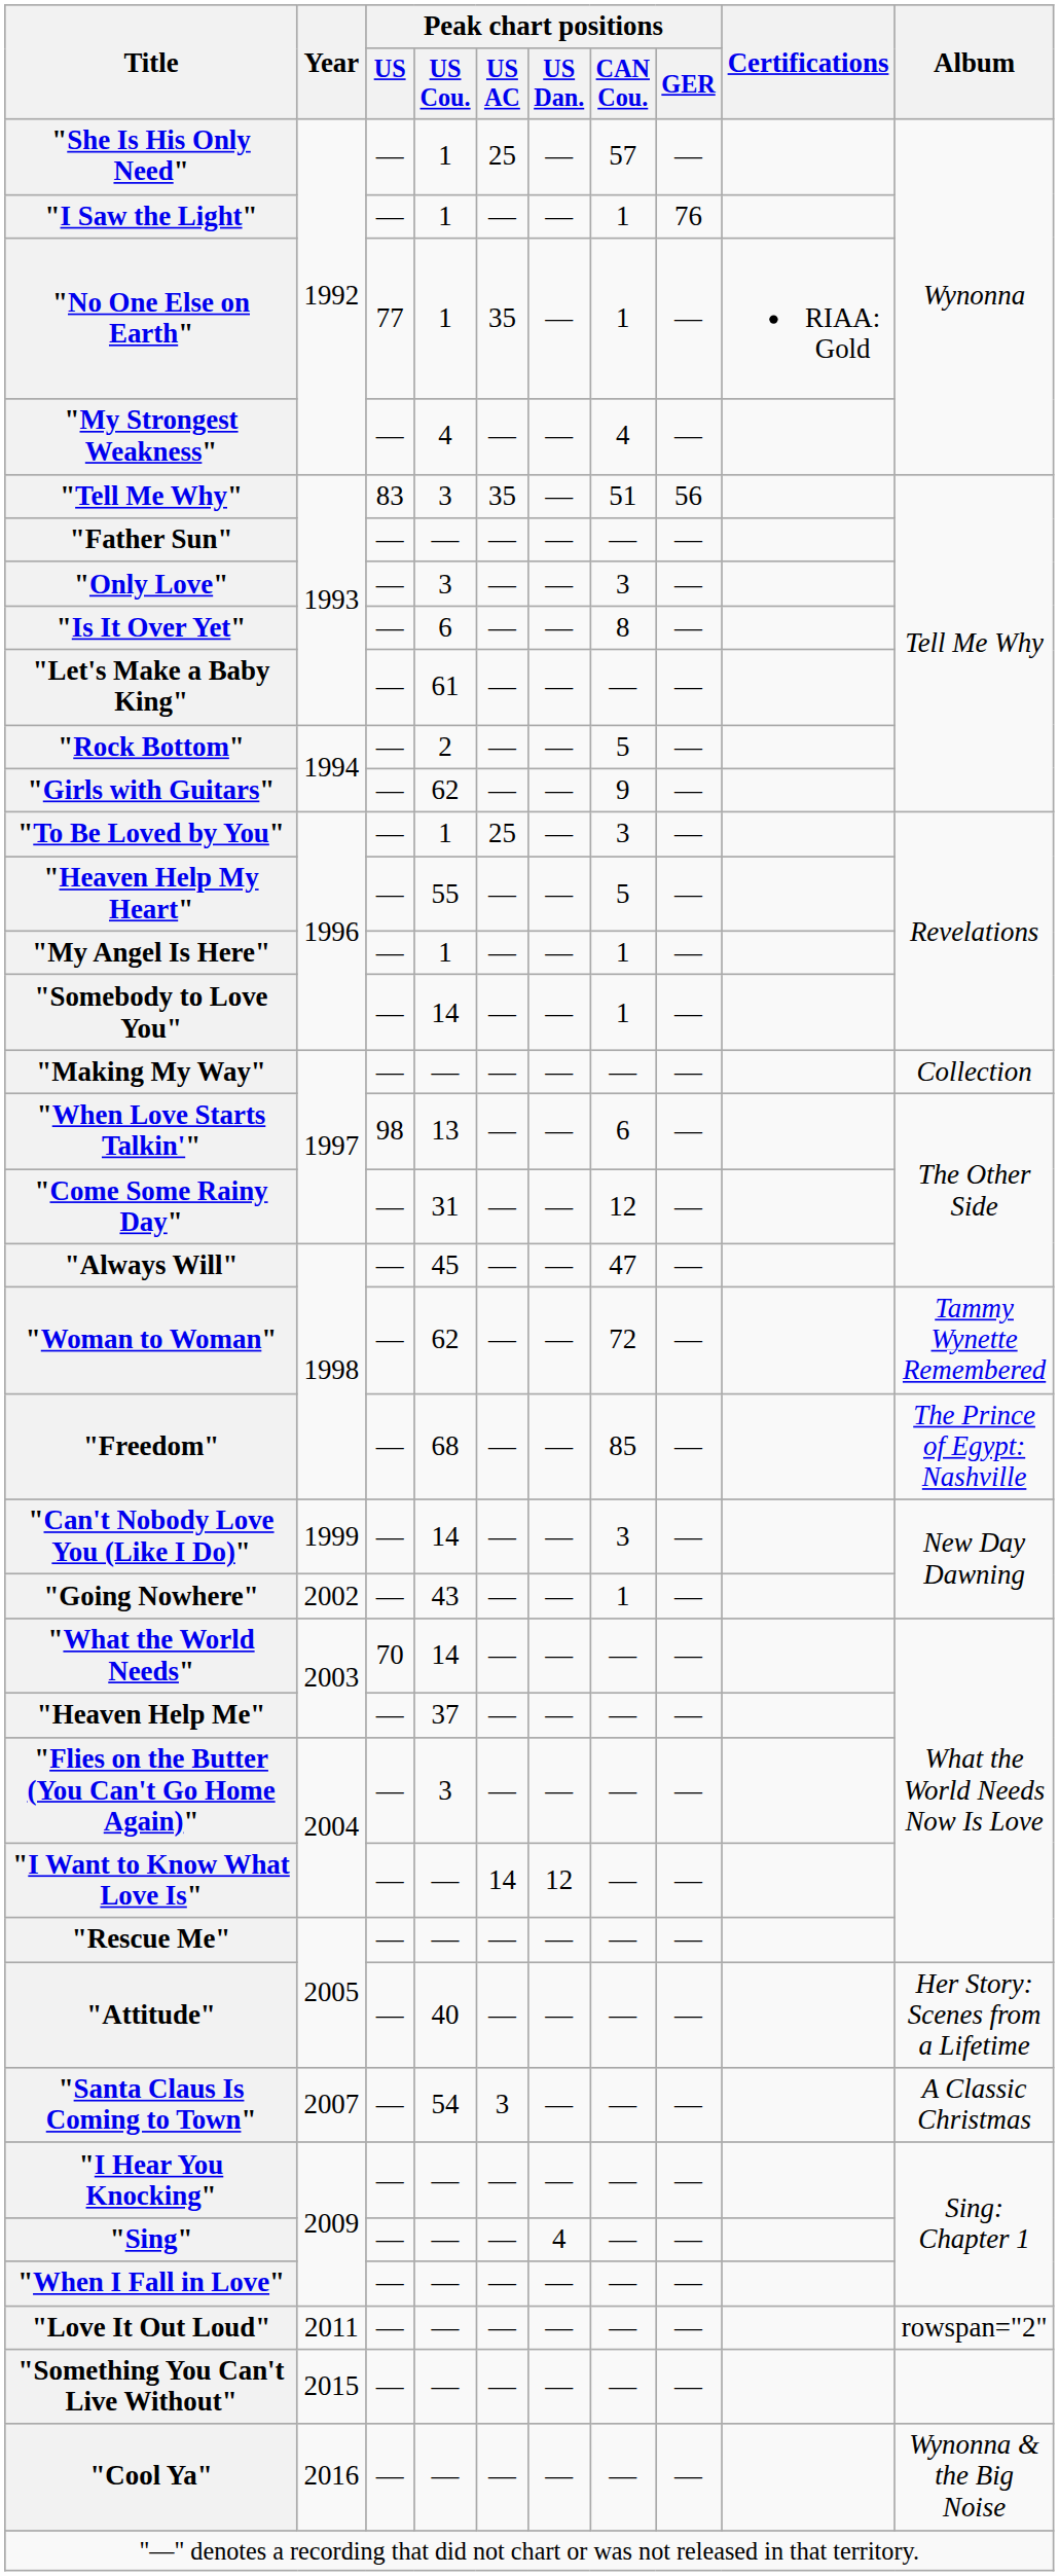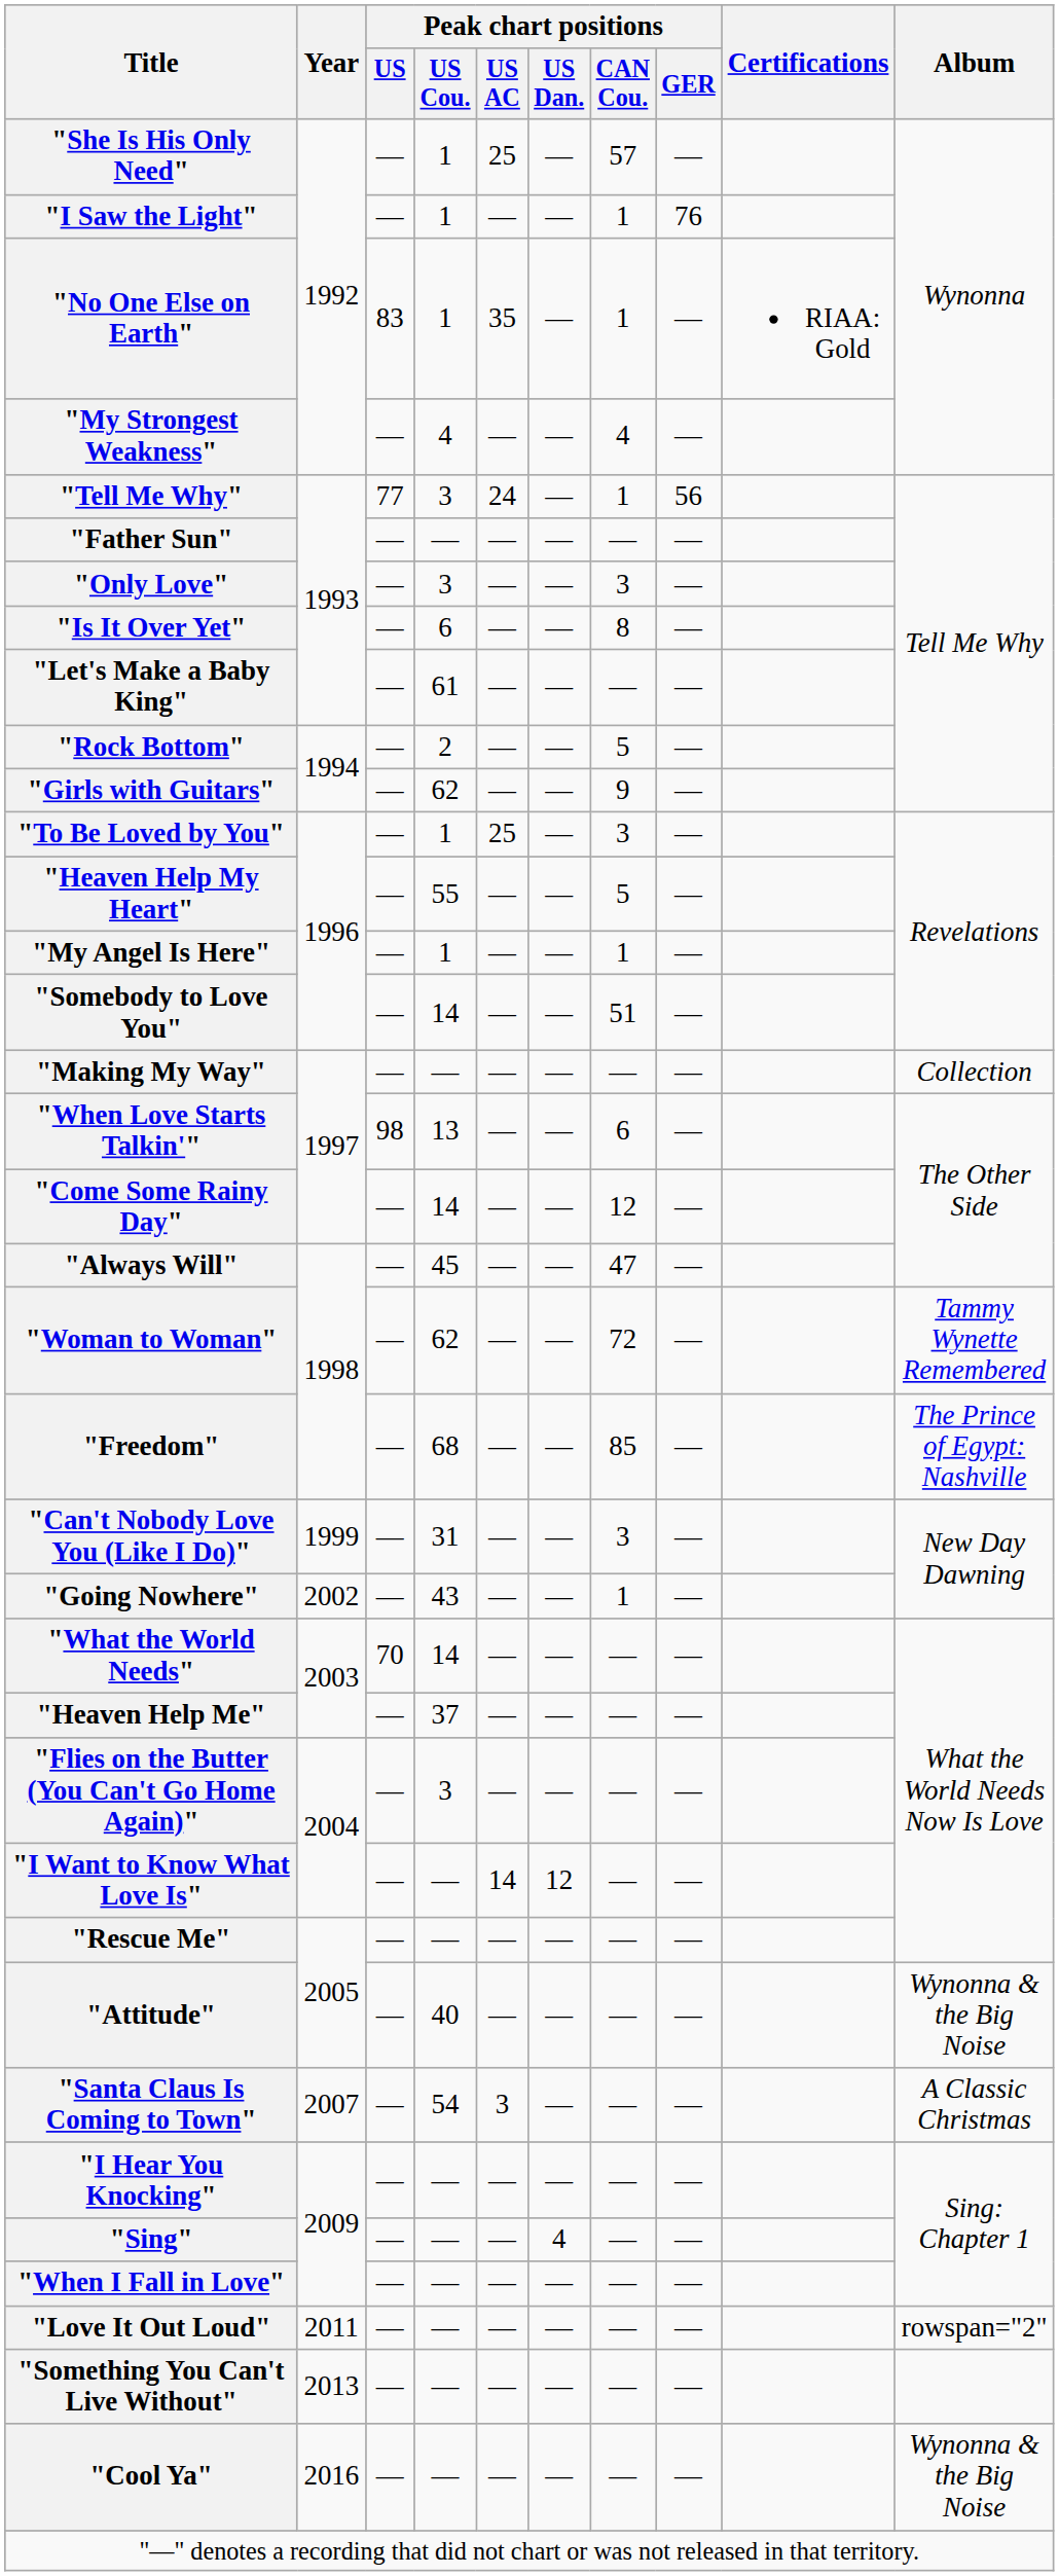 <table class="wikitable plainrowheaders" style="text-align:center;">
 <tr>
 <th scope="col" rowspan="2" style="width:22em;">Title</th>
 <th scope="col" rowspan="2">Year</th>
 <th scope="col" colspan="6">Peak chart positions</th>
 <th rowspan="2"><a href='#'>Certifications</a></th>
 <th rowspan="2" scope="col">Album</th>
 </tr>
 <tr>
 <th scope="col" style="width:2em;font-size:90%;"><a href='#'>US</a><br><br></th>
 <th scope="col" style="width:2em;font-size:90%;"><a href='#'>US<br>Cou.</a><br></th>
 <th scope="col" style="width:2em;font-size:90%;"><a href='#'>US<br>AC</a><br></th>
 <th scope="col" style="width:2em;font-size:90%;"><a href='#'>US<br>Dan.</a><br></th>
 <th scope="col" style="width:2em;font-size:90%;"><a href='#'>CAN<br>Cou.</a><br></th>
 <th scope="col" style="width:2em;font-size:90%;"><a href='#'>GER</a><br></th>
 </tr>
 <tr>
 <th scope="row">"<a href='#'>She Is His Only Need</a>"</th>
 <td rowspan="4">1992</td>
 <td>—</td>
 <td>1</td>
 <td>25</td>
 <td>—</td>
 <td>57</td>
 <td>—</td>
 <td></td>
 <td rowspan="4"><em>Wynonna</em></td>
 </tr>
 <tr>
 <th scope="row">"<a href='#'>I Saw the Light</a>"</th>
 <td>—</td>
 <td>1</td>
 <td>—</td>
 <td>—</td>
 <td>1</td>
 <td>76</td>
 <td></td>
 </tr>
 <tr>
 <th scope="row">"<a href='#'>No One Else on Earth</a>"</th>
-<td>77</td>
+<td>83</td>
 <td>1</td>
 <td>35</td>
 <td>—</td>
 <td>1</td>
 <td>—</td>
 <td><br><ul><li>RIAA: Gold</li></ul></td>
 </tr>
 <tr>
 <th scope="row">"<a href='#'>My Strongest Weakness</a>"</th>
 <td>—</td>
 <td>4</td>
 <td>—</td>
 <td>—</td>
 <td>4</td>
 <td>—</td>
 <td></td>
 </tr>
 <tr>
 <th scope="row">"<a href='#'>Tell Me Why</a>"</th>
 <td rowspan="5">1993</td>
-<td>83</td>
+<td>77</td>
 <td>3</td>
-<td>35</td>
+<td>24</td>
 <td>—</td>
-<td>51</td>
+<td>1</td>
 <td>56</td>
 <td></td>
 <td rowspan="7"><em>Tell Me Why</em></td>
 </tr>
 <tr>
 <th scope="row">"Father Sun"</th>
 <td>—</td>
 <td>—</td>
 <td>—</td>
 <td>—</td>
 <td>—</td>
 <td>—</td>
 <td></td>
 </tr>
 <tr>
 <th scope="row">"<a href='#'>Only Love</a>"</th>
 <td>—</td>
 <td>3</td>
 <td>—</td>
 <td>—</td>
 <td>3</td>
 <td>—</td>
 <td></td>
 </tr>
 <tr>
 <th scope="row">"<a href='#'>Is It Over Yet</a>"</th>
 <td>—</td>
 <td>6</td>
 <td>—</td>
 <td>—</td>
 <td>8</td>
 <td>—</td>
 <td></td>
 </tr>
 <tr>
 <th scope="row">"Let's Make a Baby King"</th>
 <td>—</td>
 <td>61</td>
 <td>—</td>
 <td>—</td>
 <td>—</td>
 <td>—</td>
 <td></td>
 </tr>
 <tr>
 <th scope="row">"<a href='#'>Rock Bottom</a>"</th>
 <td rowspan="2">1994</td>
 <td>—</td>
 <td>2</td>
 <td>—</td>
 <td>—</td>
 <td>5</td>
 <td>—</td>
 <td></td>
 </tr>
 <tr>
 <th scope="row">"<a href='#'>Girls with Guitars</a>"</th>
 <td>—</td>
 <td>62</td>
 <td>—</td>
 <td>—</td>
 <td>9</td>
 <td>—</td>
 <td></td>
 </tr>
 <tr>
 <th scope="row">"<a href='#'>To Be Loved by You</a>"</th>
 <td rowspan="4">1996</td>
 <td>—</td>
 <td>1</td>
 <td>25</td>
 <td>—</td>
 <td>3</td>
 <td>—</td>
 <td></td>
 <td rowspan="4"><em>Revelations</em></td>
 </tr>
 <tr>
 <th scope="row">"<a href='#'>Heaven Help My Heart</a>"</th>
 <td>—</td>
 <td>55</td>
 <td>—</td>
 <td>—</td>
 <td>5</td>
 <td>—</td>
 <td></td>
 </tr>
 <tr>
 <th scope="row">"My Angel Is Here"</th>
 <td>—</td>
 <td>1</td>
 <td>—</td>
 <td>—</td>
 <td>1</td>
 <td>—</td>
 <td></td>
 </tr>
 <tr>
 <th scope="row">"Somebody to Love You"</th>
 <td>—</td>
 <td>14</td>
 <td>—</td>
 <td>—</td>
-<td>1</td>
+<td>51</td>
 <td>—</td>
 <td></td>
 </tr>
 <tr>
 <th scope="row">"Making My Way"</th>
 <td rowspan="3">1997</td>
 <td>—</td>
 <td>—</td>
 <td>—</td>
 <td>—</td>
 <td>—</td>
 <td>—</td>
 <td></td>
 <td><em>Collection</em></td>
 </tr>
 <tr>
 <th scope="row">"<a href='#'>When Love Starts Talkin'</a>"</th>
 <td>98</td>
 <td>13</td>
 <td>—</td>
 <td>—</td>
 <td>6</td>
 <td>—</td>
 <td></td>
 <td rowspan="3"><em>The Other Side</em></td>
 </tr>
 <tr>
 <th scope="row">"<a href='#'>Come Some Rainy Day</a>"</th>
 <td>—</td>
-<td>31</td>
+<td>14</td>
 <td>—</td>
 <td>—</td>
 <td>12</td>
 <td>—</td>
 <td></td>
 </tr>
 <tr>
 <th scope="row">"Always Will"</th>
 <td rowspan="3">1998</td>
 <td>—</td>
 <td>45</td>
 <td>—</td>
 <td>—</td>
 <td>47</td>
 <td>—</td>
 <td></td>
 </tr>
 <tr>
 <th scope="row">"<a href='#'>Woman to Woman</a>"</th>
 <td>—</td>
 <td>62</td>
 <td>—</td>
 <td>—</td>
 <td>72</td>
 <td>—</td>
 <td></td>
 <td><em><a href='#'>Tammy Wynette Remembered</a></em></td>
 </tr>
 <tr>
 <th scope="row">"Freedom"</th>
 <td>—</td>
 <td>68</td>
 <td>—</td>
 <td>—</td>
 <td>85</td>
 <td>—</td>
 <td></td>
 <td><em><a href='#'>The Prince of Egypt: Nashville</a></em></td>
 </tr>
 <tr>
 <th scope="row">"<a href='#'>Can't Nobody Love You (Like I Do)</a>"</th>
 <td>1999</td>
 <td>—</td>
-<td>14</td>
+<td>31</td>
 <td>—</td>
 <td>—</td>
 <td>3</td>
 <td>—</td>
 <td></td>
 <td rowspan="2"><em>New Day Dawning</em></td>
 </tr>
 <tr>
 <th scope="row">"Going Nowhere"</th>
 <td>2002</td>
 <td>—</td>
 <td>43</td>
 <td>—</td>
 <td>—</td>
 <td>1</td>
 <td>—</td>
 <td></td>
 </tr>
 <tr>
 <th scope="row">"<a href='#'>What the World Needs</a>"</th>
 <td rowspan="2">2003</td>
 <td>70</td>
 <td>14</td>
 <td>—</td>
 <td>—</td>
 <td>—</td>
 <td>—</td>
 <td></td>
 <td rowspan="5"><em>What the World Needs Now Is Love</em></td>
 </tr>
 <tr>
 <th scope="row">"Heaven Help Me"</th>
 <td>—</td>
 <td>37</td>
 <td>—</td>
 <td>—</td>
 <td>—</td>
 <td>—</td>
 <td></td>
 </tr>
 <tr>
 <th scope="row">"<a href='#'>Flies on the Butter (You Can't Go Home Again)</a>"<br></th>
 <td rowspan="2">2004</td>
 <td>—</td>
 <td>3</td>
 <td>—</td>
 <td>—</td>
 <td>—</td>
 <td>—</td>
 <td></td>
 </tr>
 <tr>
 <th scope="row">"<a href='#'>I Want to Know What Love Is</a>"</th>
 <td>—</td>
 <td>—</td>
 <td>14</td>
 <td>12</td>
 <td>—</td>
 <td>—</td>
 <td></td>
 </tr>
 <tr>
 <th scope="row">"Rescue Me"</th>
 <td rowspan="2">2005</td>
 <td>—</td>
 <td>—</td>
 <td>—</td>
 <td>—</td>
 <td>—</td>
 <td>—</td>
 <td></td>
 </tr>
 <tr>
 <th scope="row">"Attitude"</th>
 <td>—</td>
 <td>40</td>
 <td>—</td>
 <td>—</td>
 <td>—</td>
 <td>—</td>
 <td></td>
-<td><em>Her Story: Scenes from a Lifetime</em></td>
+<td><em>Wynonna & the Big Noise</em></td>
 </tr>
 <tr>
 <th scope="row">"<a href='#'>Santa Claus Is Coming to Town</a>"</th>
 <td>2007</td>
 <td>—</td>
 <td>54</td>
 <td>3</td>
 <td>—</td>
 <td>—</td>
 <td>—</td>
 <td></td>
 <td><em>A Classic Christmas</em></td>
 </tr>
 <tr>
 <th scope="row">"<a href='#'>I Hear You Knocking</a>"</th>
 <td rowspan="3">2009</td>
 <td>—</td>
 <td>—</td>
 <td>—</td>
 <td>—</td>
 <td>—</td>
 <td>—</td>
 <td></td>
 <td rowspan="3"><em>Sing: Chapter 1</em></td>
 </tr>
 <tr>
 <th scope="row">"<a href='#'>Sing</a>"</th>
 <td>—</td>
 <td>—</td>
 <td>—</td>
 <td>4</td>
 <td>—</td>
 <td>—</td>
 <td></td>
 </tr>
 <tr>
 <th scope="row">"<a href='#'>When I Fall in Love</a>"</th>
 <td>—</td>
 <td>—</td>
 <td>—</td>
 <td>—</td>
 <td>—</td>
 <td>—</td>
 <td></td>
 </tr>
 <tr>
 <th scope="row">"Love It Out Loud"</th>
 <td>2011</td>
 <td>—</td>
 <td>—</td>
 <td>—</td>
 <td>—</td>
 <td>—</td>
 <td>—</td>
 <td></td>
 <td>rowspan="2" </td>
 </tr>
 <tr>
 <th scope="row">"Something You Can't Live Without"</th>
-<td>2015</td>
+<td>2013</td>
 <td>—</td>
 <td>—</td>
 <td>—</td>
 <td>—</td>
 <td>—</td>
 <td>—</td>
 <td></td>
 </tr>
 <tr>
 <th scope="row">"Cool Ya"</th>
 <td>2016</td>
 <td>—</td>
 <td>—</td>
 <td>—</td>
 <td>—</td>
 <td>—</td>
 <td>—</td>
 <td></td>
 <td><em>Wynonna & the Big Noise</em></td>
 </tr>
 <tr>
 <td colspan="10" style="font-size:90%">"—" denotes a recording that did not chart or was not released in that territory.</td>
 </tr>
 </table>
